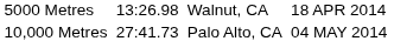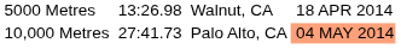 <table>
 <tr>
 <td>5000 Metres</td>
 <td> 13:26.98</td>
 <td> Walnut, CA</td>
 <td> 18 APR 2014</td>
 </tr>
 <tr>
 <td>10,000 Metres</td>
 <td> 27:41.73</td>
 <td> Palo Alto, CA</td>
-<td> 04 MAY 2014</td>
+<td style="background: lightsalmon;"> 04 MAY 2014</td>
 </tr>
 </table>
